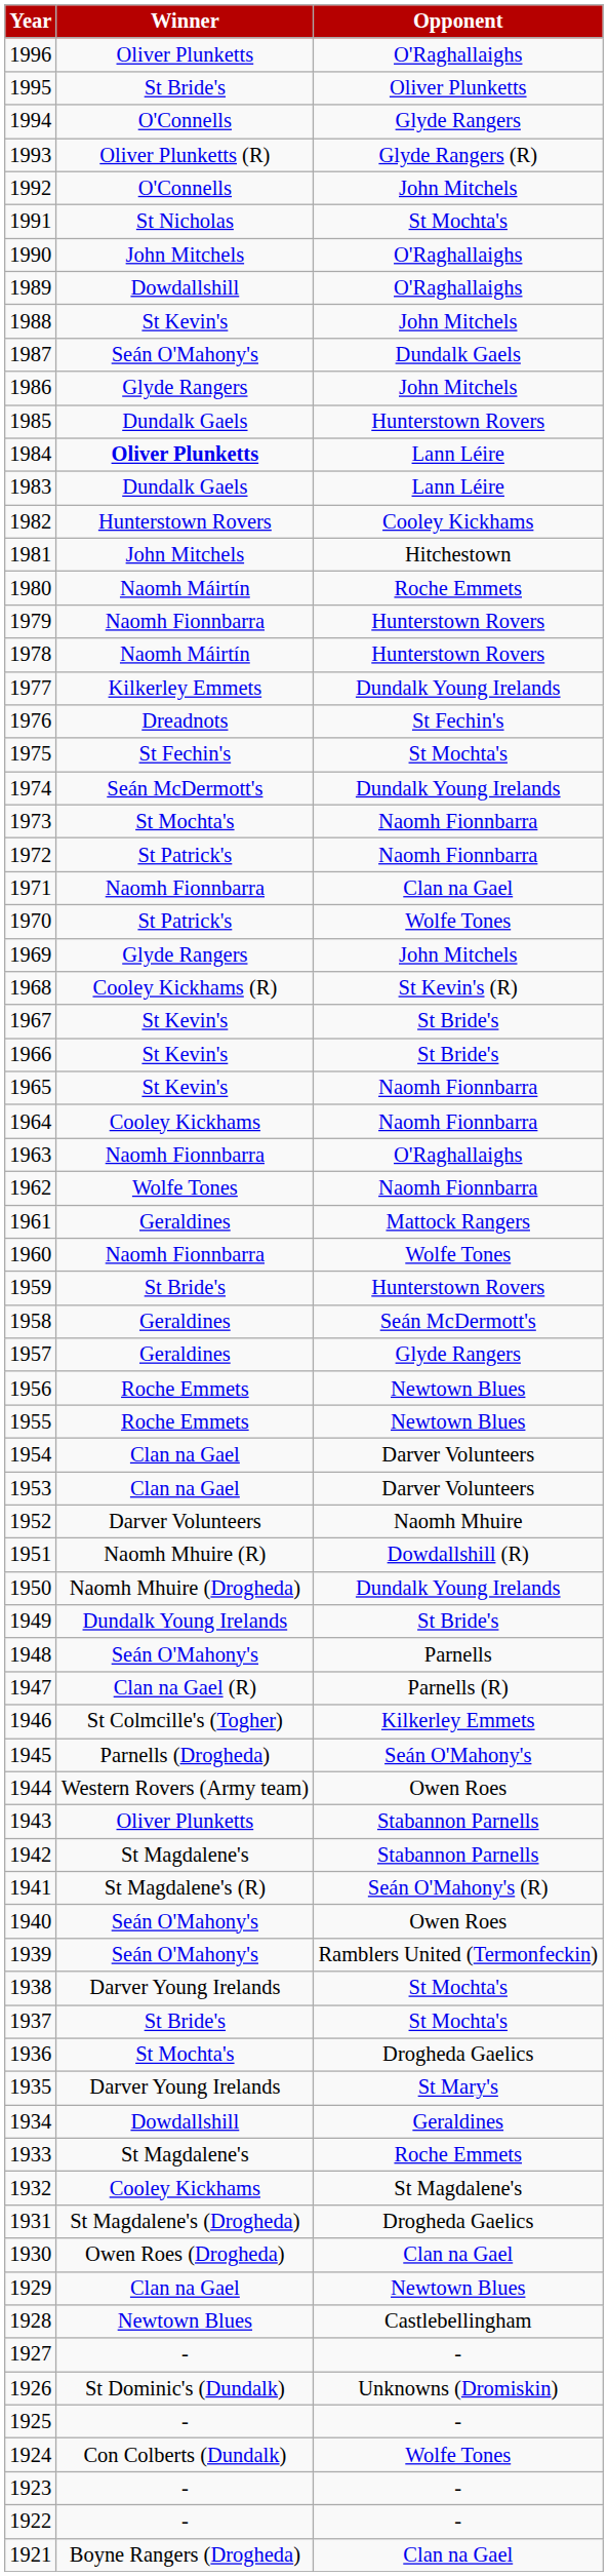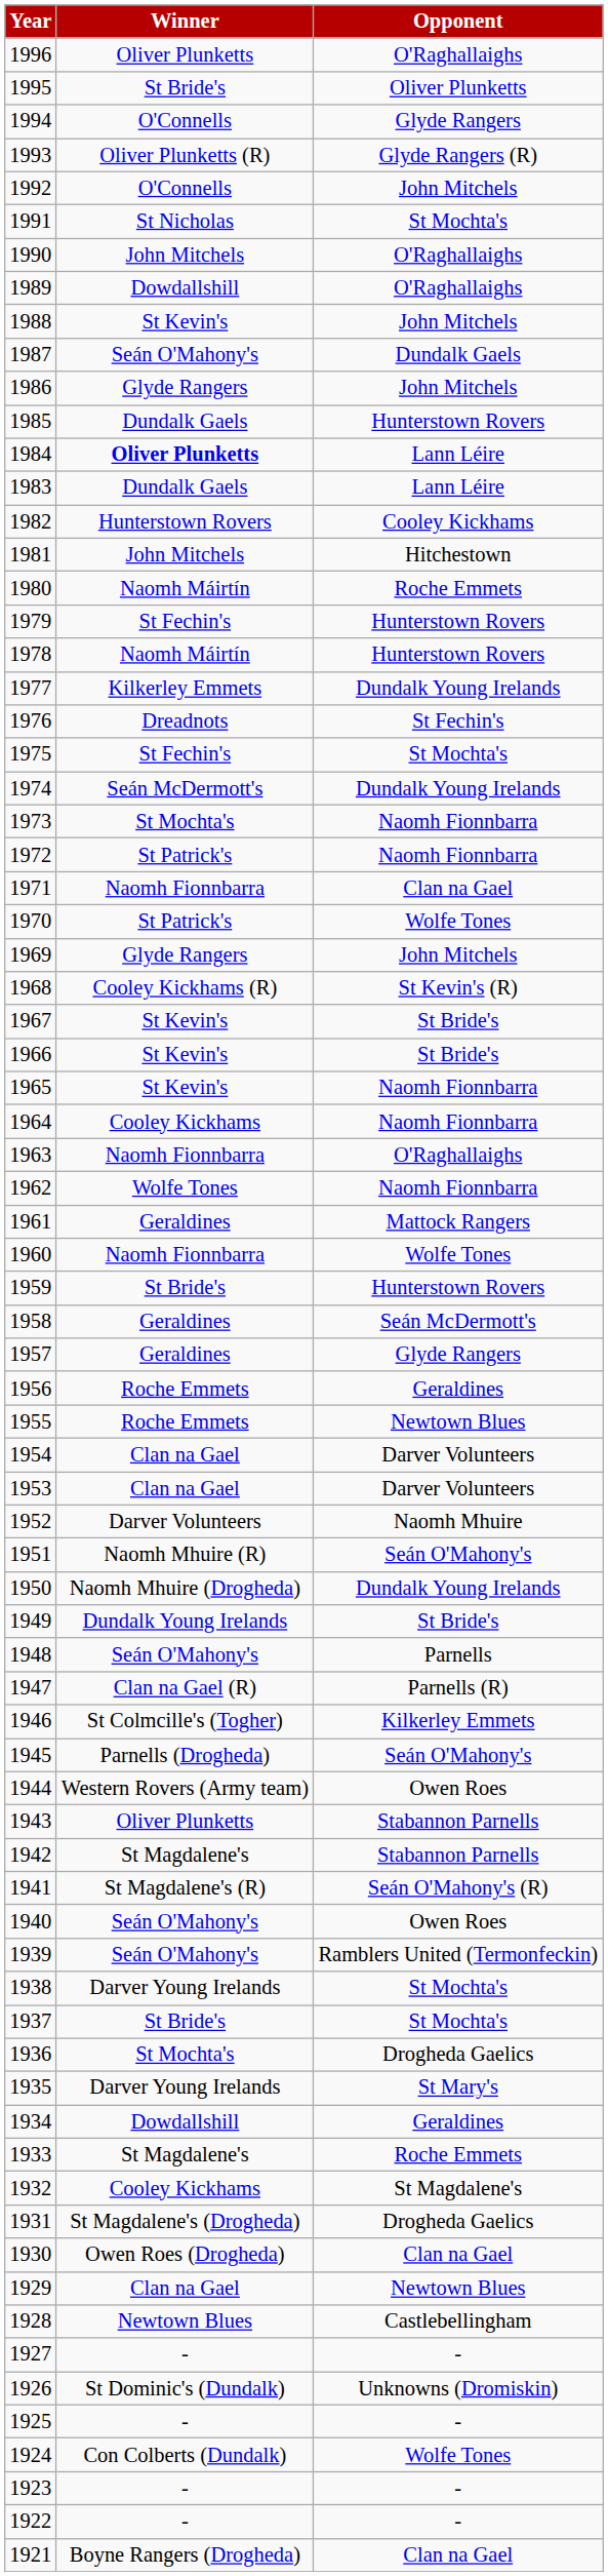 <table class="wikitable" style="text-align:center;">
 <tr>
 <th style="background:#B60000;color:white">Year</th>
 <th style="background:#B60000;color:white">Winner</th>
 <th style="background:#B60000;color:white">Opponent</th>
 </tr>
 <tr>
 <td>1996</td>
 <td><a href='#'>Oliver Plunketts</a></td>
 <td><a href='#'>O'Raghallaighs</a></td>
 </tr>
 <tr>
 <td>1995</td>
 <td><a href='#'>St Bride's</a></td>
 <td><a href='#'>Oliver Plunketts</a></td>
 </tr>
 <tr>
 <td>1994</td>
 <td><a href='#'>O'Connells</a></td>
 <td><a href='#'>Glyde Rangers</a></td>
 </tr>
 <tr>
 <td>1993</td>
 <td><a href='#'>Oliver Plunketts</a> (R)</td>
 <td><a href='#'>Glyde Rangers</a> (R)</td>
 </tr>
 <tr>
 <td>1992</td>
 <td><a href='#'>O'Connells</a></td>
 <td><a href='#'>John Mitchels</a></td>
 </tr>
 <tr>
 <td>1991</td>
 <td><a href='#'>St Nicholas</a></td>
 <td><a href='#'>St Mochta's</a></td>
 </tr>
 <tr>
 <td>1990</td>
 <td><a href='#'>John Mitchels</a></td>
 <td><a href='#'>O'Raghallaighs</a></td>
 </tr>
 <tr>
 <td>1989</td>
 <td><a href='#'>Dowdallshill</a></td>
 <td><a href='#'>O'Raghallaighs</a></td>
 </tr>
 <tr>
 <td>1988</td>
 <td><a href='#'>St Kevin's</a></td>
 <td><a href='#'>John Mitchels</a></td>
 </tr>
 <tr>
 <td>1987</td>
 <td><a href='#'>Seán O'Mahony's</a></td>
 <td><a href='#'>Dundalk Gaels</a></td>
 </tr>
 <tr>
 <td>1986</td>
 <td><a href='#'>Glyde Rangers</a></td>
 <td><a href='#'>John Mitchels</a></td>
 </tr>
 <tr>
 <td>1985</td>
 <td><a href='#'>Dundalk Gaels</a></td>
 <td><a href='#'>Hunterstown Rovers</a></td>
 </tr>
 <tr>
 <td>1984</td>
 <td><strong><a href='#'>Oliver Plunketts</a></strong></td>
 <td><a href='#'>Lann Léire</a></td>
 </tr>
 <tr>
 <td>1983</td>
 <td><a href='#'>Dundalk Gaels</a></td>
 <td><a href='#'>Lann Léire</a></td>
 </tr>
 <tr>
 <td>1982</td>
 <td><a href='#'>Hunterstown Rovers</a></td>
 <td><a href='#'>Cooley Kickhams</a></td>
 </tr>
 <tr>
 <td>1981</td>
 <td><a href='#'>John Mitchels</a></td>
 <td>Hitchestown</td>
 </tr>
 <tr>
 <td>1980</td>
 <td><a href='#'>Naomh Máirtín</a></td>
 <td><a href='#'>Roche Emmets</a></td>
 </tr>
 <tr>
 <td>1979</td>
-<td><a href='#'>Naomh Fionnbarra</a></td>
+<td><a href='#'>St Fechin's</a></td>
 <td><a href='#'>Hunterstown Rovers</a></td>
 </tr>
 <tr>
 <td>1978</td>
 <td><a href='#'>Naomh Máirtín</a></td>
 <td><a href='#'>Hunterstown Rovers</a></td>
 </tr>
 <tr>
 <td>1977</td>
 <td><a href='#'>Kilkerley Emmets</a></td>
 <td><a href='#'>Dundalk Young Irelands</a></td>
 </tr>
 <tr>
 <td>1976</td>
 <td><a href='#'>Dreadnots</a></td>
 <td><a href='#'>St Fechin's</a></td>
 </tr>
 <tr>
 <td>1975</td>
 <td><a href='#'>St Fechin's</a></td>
 <td><a href='#'>St Mochta's</a></td>
 </tr>
 <tr>
 <td>1974</td>
 <td><a href='#'>Seán McDermott's</a></td>
 <td><a href='#'>Dundalk Young Irelands</a></td>
 </tr>
 <tr>
 <td>1973</td>
 <td><a href='#'>St Mochta's</a></td>
 <td><a href='#'>Naomh Fionnbarra</a></td>
 </tr>
 <tr>
 <td>1972</td>
 <td><a href='#'>St Patrick's</a></td>
 <td><a href='#'>Naomh Fionnbarra</a></td>
 </tr>
 <tr>
 <td>1971</td>
 <td><a href='#'>Naomh Fionnbarra</a></td>
 <td><a href='#'>Clan na Gael</a></td>
 </tr>
 <tr>
 <td>1970</td>
 <td><a href='#'>St Patrick's</a></td>
 <td><a href='#'>Wolfe Tones</a></td>
 </tr>
 <tr>
 <td>1969</td>
 <td><a href='#'>Glyde Rangers</a></td>
 <td><a href='#'>John Mitchels</a></td>
 </tr>
 <tr>
 <td>1968</td>
 <td><a href='#'>Cooley Kickhams</a> (R)</td>
 <td><a href='#'>St Kevin's</a> (R)</td>
 </tr>
 <tr>
 <td>1967</td>
 <td><a href='#'>St Kevin's</a></td>
 <td><a href='#'>St Bride's</a></td>
 </tr>
 <tr>
 <td>1966</td>
 <td><a href='#'>St Kevin's</a></td>
 <td><a href='#'>St Bride's</a></td>
 </tr>
 <tr>
 <td>1965</td>
 <td><a href='#'>St Kevin's</a></td>
 <td><a href='#'>Naomh Fionnbarra</a></td>
 </tr>
 <tr>
 <td>1964</td>
 <td><a href='#'>Cooley Kickhams</a></td>
 <td><a href='#'>Naomh Fionnbarra</a></td>
 </tr>
 <tr>
 <td>1963</td>
 <td><a href='#'>Naomh Fionnbarra</a></td>
 <td><a href='#'>O'Raghallaighs</a></td>
 </tr>
 <tr>
 <td>1962</td>
 <td><a href='#'>Wolfe Tones</a></td>
 <td><a href='#'>Naomh Fionnbarra</a></td>
 </tr>
 <tr>
 <td>1961</td>
 <td><a href='#'>Geraldines</a></td>
 <td><a href='#'>Mattock Rangers</a></td>
 </tr>
 <tr>
 <td>1960</td>
 <td><a href='#'>Naomh Fionnbarra</a></td>
 <td><a href='#'>Wolfe Tones</a></td>
 </tr>
 <tr>
 <td>1959</td>
 <td><a href='#'>St Bride's</a></td>
 <td><a href='#'>Hunterstown Rovers</a></td>
 </tr>
 <tr>
 <td>1958</td>
 <td><a href='#'>Geraldines</a></td>
 <td><a href='#'>Seán McDermott's</a></td>
 </tr>
 <tr>
 <td>1957</td>
 <td><a href='#'>Geraldines</a></td>
 <td><a href='#'>Glyde Rangers</a></td>
 </tr>
 <tr>
 <td>1956</td>
 <td><a href='#'>Roche Emmets</a></td>
-<td><a href='#'>Newtown Blues</a></td>
+<td><a href='#'>Geraldines</a></td>
 </tr>
 <tr>
 <td>1955</td>
 <td><a href='#'>Roche Emmets</a></td>
 <td><a href='#'>Newtown Blues</a></td>
 </tr>
 <tr>
 <td>1954</td>
 <td><a href='#'>Clan na Gael</a></td>
 <td>Darver Volunteers</td>
 </tr>
 <tr>
 <td>1953</td>
 <td><a href='#'>Clan na Gael</a></td>
 <td>Darver Volunteers</td>
 </tr>
 <tr>
 <td>1952</td>
 <td>Darver Volunteers</td>
 <td>Naomh Mhuire</td>
 </tr>
 <tr>
 <td>1951</td>
 <td>Naomh Mhuire (R)</td>
-<td><a href='#'>Dowdallshill</a> (R)</td>
+<td><a href='#'>Seán O'Mahony's</a></td>
 </tr>
 <tr>
 <td>1950</td>
 <td>Naomh Mhuire (<a href='#'>Drogheda</a>)</td>
 <td><a href='#'>Dundalk Young Irelands</a></td>
 </tr>
 <tr>
 <td>1949</td>
 <td><a href='#'>Dundalk Young Irelands</a></td>
 <td><a href='#'>St Bride's</a></td>
 </tr>
 <tr>
 <td>1948</td>
 <td><a href='#'>Seán O'Mahony's</a></td>
 <td>Parnells</td>
 </tr>
 <tr>
 <td>1947</td>
 <td><a href='#'>Clan na Gael</a> (R)</td>
 <td>Parnells (R)</td>
 </tr>
 <tr>
 <td>1946</td>
 <td>St Colmcille's (<a href='#'>Togher</a>)</td>
 <td><a href='#'>Kilkerley Emmets</a></td>
 </tr>
 <tr>
 <td>1945</td>
 <td>Parnells (<a href='#'>Drogheda</a>)</td>
 <td><a href='#'>Seán O'Mahony's</a></td>
 </tr>
 <tr>
 <td>1944</td>
 <td>Western Rovers (Army team)</td>
 <td>Owen Roes</td>
 </tr>
 <tr>
 <td>1943</td>
 <td><a href='#'>Oliver Plunketts</a></td>
 <td><a href='#'>Stabannon Parnells</a></td>
 </tr>
 <tr>
 <td>1942</td>
 <td>St Magdalene's</td>
 <td><a href='#'>Stabannon Parnells</a></td>
 </tr>
 <tr>
 <td>1941</td>
 <td>St Magdalene's (R)</td>
 <td><a href='#'>Seán O'Mahony's</a> (R)</td>
 </tr>
 <tr>
 <td>1940</td>
 <td><a href='#'>Seán O'Mahony's</a></td>
 <td>Owen Roes</td>
 </tr>
 <tr>
 <td>1939</td>
 <td><a href='#'>Seán O'Mahony's</a></td>
 <td>Ramblers United (<a href='#'>Termonfeckin</a>)</td>
 </tr>
 <tr>
 <td>1938</td>
 <td>Darver Young Irelands</td>
 <td><a href='#'>St Mochta's</a></td>
 </tr>
 <tr>
 <td>1937</td>
 <td><a href='#'>St Bride's</a></td>
 <td><a href='#'>St Mochta's</a></td>
 </tr>
 <tr>
 <td>1936</td>
 <td><a href='#'>St Mochta's</a></td>
 <td>Drogheda Gaelics</td>
 </tr>
 <tr>
 <td>1935</td>
 <td>Darver Young Irelands</td>
 <td><a href='#'>St Mary's</a></td>
 </tr>
 <tr>
 <td>1934</td>
 <td><a href='#'>Dowdallshill</a></td>
 <td><a href='#'>Geraldines</a></td>
 </tr>
 <tr>
 <td>1933</td>
 <td>St Magdalene's</td>
 <td><a href='#'>Roche Emmets</a></td>
 </tr>
 <tr>
 <td>1932</td>
 <td><a href='#'>Cooley Kickhams</a></td>
 <td>St Magdalene's</td>
 </tr>
 <tr>
 <td>1931</td>
 <td>St Magdalene's (<a href='#'>Drogheda</a>)</td>
 <td>Drogheda Gaelics</td>
 </tr>
 <tr>
 <td>1930</td>
 <td>Owen Roes (<a href='#'>Drogheda</a>)</td>
 <td><a href='#'>Clan na Gael</a></td>
 </tr>
 <tr>
 <td>1929</td>
 <td><a href='#'>Clan na Gael</a></td>
 <td><a href='#'>Newtown Blues</a></td>
 </tr>
 <tr>
 <td>1928</td>
 <td><a href='#'>Newtown Blues</a></td>
 <td>Castlebellingham</td>
 </tr>
 <tr>
 <td>1927</td>
 <td>-</td>
 <td>-</td>
 </tr>
 <tr>
 <td>1926</td>
 <td>St Dominic's (<a href='#'>Dundalk</a>)</td>
 <td>Unknowns (<a href='#'>Dromiskin</a>)</td>
 </tr>
 <tr>
 <td>1925</td>
 <td>-</td>
 <td>-</td>
 </tr>
 <tr>
 <td>1924</td>
 <td>Con Colberts (<a href='#'>Dundalk</a>)</td>
 <td><a href='#'>Wolfe Tones</a></td>
 </tr>
 <tr>
 <td>1923</td>
 <td>-</td>
 <td>-</td>
 </tr>
 <tr>
 <td>1922</td>
 <td>-</td>
 <td>-</td>
 </tr>
 <tr>
 <td>1921</td>
 <td>Boyne Rangers (<a href='#'>Drogheda</a>)</td>
 <td><a href='#'>Clan na Gael</a></td>
 </tr>
 </table>
